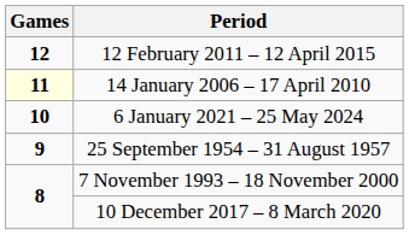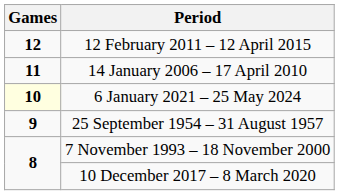 <table class="wikitable sortable" style="text-align:center;">
 <tr>
 <th>Games</th>
 <th>Period</th>
 </tr>
 <tr>
 <td><strong>12</strong></td>
 <td>12 February 2011 – 12 April 2015</td>
 </tr>
 <tr>
-<td style="background: lightyellow;"><strong>11</strong></td>
+<td><strong>11</strong></td>
 <td>14 January 2006 – 17 April 2010</td>
 </tr>
 <tr>
-<td><strong>10</strong></td>
+<td style="background: lightyellow;"><strong>10</strong></td>
 <td>6 January 2021 – 25 May 2024</td>
 </tr>
 <tr>
 <td><strong>9</strong></td>
 <td>25 September 1954 – 31 August 1957</td>
 </tr>
 <tr>
 <td rowspan="2"><strong>8</strong></td>
 <td>7 November 1993 – 18 November 2000</td>
 </tr>
 <tr>
 <td>10 December 2017 – 8 March 2020</td>
 </tr>
 </table>
